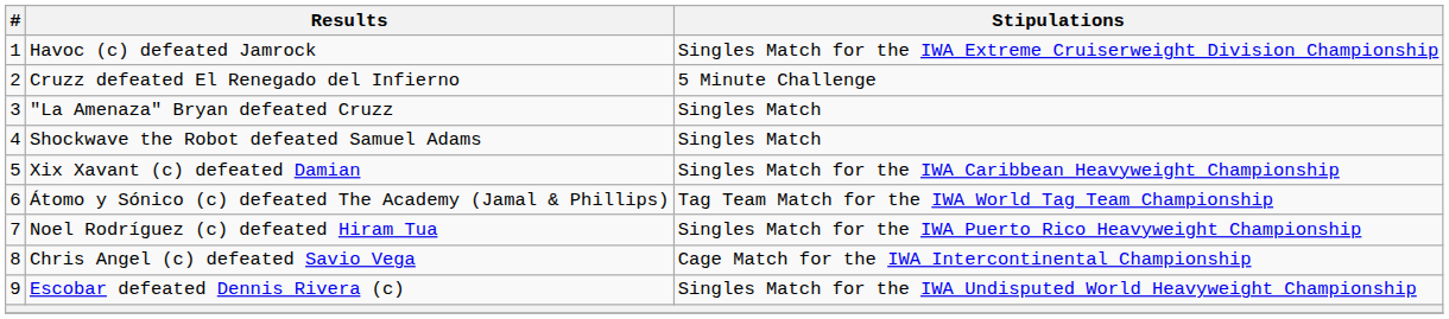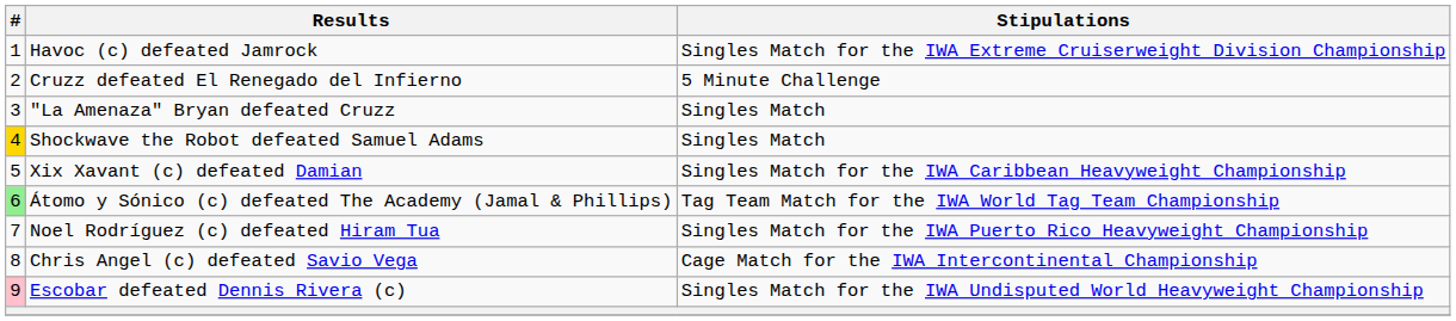 <table class="wikitable">
 <tr>
 <th>#</th>
 <th>Results</th>
 <th>Stipulations</th>
 </tr>
 <tr>
 <td>1</td>
 <td>Havoc (c) defeated Jamrock</td>
 <td>Singles Match  for the <a href='#'>IWA Extreme Cruiserweight Division Championship</a></td>
 </tr>
 <tr>
 <td>2</td>
 <td>Cruzz defeated El Renegado del Infierno</td>
 <td>5 Minute Challenge</td>
 </tr>
 <tr>
 <td>3</td>
 <td>"La Amenaza" Bryan defeated Cruzz</td>
 <td>Singles Match</td>
 </tr>
 <tr>
-<td>4</td>
+<td style="background: gold;">4</td>
 <td>Shockwave the Robot defeated Samuel Adams</td>
 <td>Singles Match</td>
 </tr>
 <tr>
 <td>5</td>
 <td>Xix Xavant (c) defeated <a href='#'>Damian</a></td>
 <td>Singles Match for the <a href='#'>IWA Caribbean Heavyweight Championship</a></td>
 </tr>
 <tr>
-<td>6</td>
+<td style="background: lightgreen;">6</td>
 <td>Átomo y Sónico (c) defeated The Academy (Jamal & Phillips)</td>
 <td>Tag Team Match for the <a href='#'>IWA World Tag Team Championship</a></td>
 </tr>
 <tr>
 <td>7</td>
 <td>Noel Rodríguez (c) defeated <a href='#'>Hiram Tua</a></td>
 <td>Singles Match for the <a href='#'>IWA Puerto Rico Heavyweight Championship</a></td>
 </tr>
 <tr>
 <td>8</td>
 <td>Chris Angel (c) defeated <a href='#'>Savio Vega</a></td>
 <td>Cage Match for the <a href='#'>IWA Intercontinental Championship</a></td>
 </tr>
 <tr>
-<td>9</td>
+<td style="background: pink;">9</td>
 <td><a href='#'>Escobar</a> defeated <a href='#'>Dennis Rivera</a> (c)</td>
 <td>Singles Match for the <a href='#'>IWA Undisputed World Heavyweight Championship</a></td>
 </tr>
 <tr>
 <th colspan="3"></th>
 </tr>
 <tr>
 </tr>
 </table>
